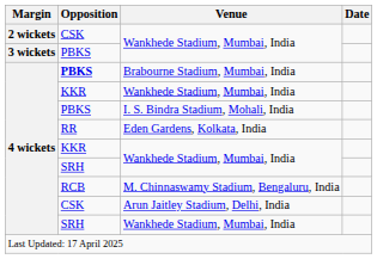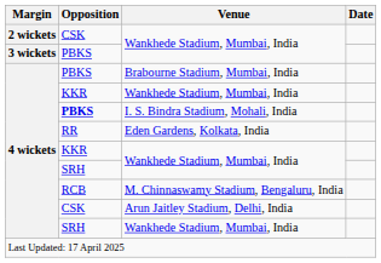 <table class="wikitable">
 <tr>
 <th>Margin</th>
 <th>Opposition</th>
 <th>Venue</th>
 <th>Date</th>
 </tr>
 <tr>
 <th>2 wickets</th>
 <td><a href='#'>CSK</a></td>
 <td rowspan=2><a href='#'>Wankhede Stadium</a>, <a href='#'>Mumbai</a>, India</td>
 <td></td>
 </tr>
 <tr>
 <th>3 wickets</th>
 <td><a href='#'>PBKS</a></td>
 <td></td>
 </tr>
 <tr>
 <th rowspan=9>4 wickets</th>
-<td><strong><a href='#'>PBKS</a></strong></td>
+<td><a href='#'>PBKS</a></td>
 <td><a href='#'>Brabourne Stadium</a>, <a href='#'>Mumbai</a>, India</td>
 <td></td>
 </tr>
 <tr>
 <td><a href='#'>KKR</a></td>
 <td><a href='#'>Wankhede Stadium</a>, <a href='#'>Mumbai</a>, India</td>
 <td></td>
 </tr>
 <tr>
-<td><a href='#'>PBKS</a></td>
+<td><strong><a href='#'>PBKS</a></strong></td>
 <td><a href='#'>I. S. Bindra Stadium</a>, <a href='#'>Mohali</a>, India</td>
 <td></td>
 </tr>
 <tr>
 <td><a href='#'>RR</a></td>
 <td><a href='#'>Eden Gardens</a>, <a href='#'>Kolkata</a>, India</td>
 <td></td>
 </tr>
 <tr>
 <td><a href='#'>KKR</a></td>
 <td rowspan=2><a href='#'>Wankhede Stadium</a>, <a href='#'>Mumbai</a>, India</td>
 <td></td>
 </tr>
 <tr>
 <td><a href='#'>SRH</a></td>
 <td></td>
 </tr>
 <tr>
 <td><a href='#'>RCB</a></td>
 <td><a href='#'>M. Chinnaswamy Stadium</a>, <a href='#'>Bengaluru</a>, India</td>
 <td></td>
 </tr>
 <tr>
 <td><a href='#'>CSK</a></td>
 <td><a href='#'>Arun Jaitley Stadium</a>, <a href='#'>Delhi</a>, India</td>
 <td></td>
 </tr>
 <tr>
 <td><a href='#'>SRH</a></td>
 <td><a href='#'>Wankhede Stadium</a>, <a href='#'>Mumbai</a>, India</td>
 <td></td>
 </tr>
 <tr class=sortbottom>
 <td colspan="4"><small>Last Updated: 17 April 2025</small></td>
 </tr>
 </table>
